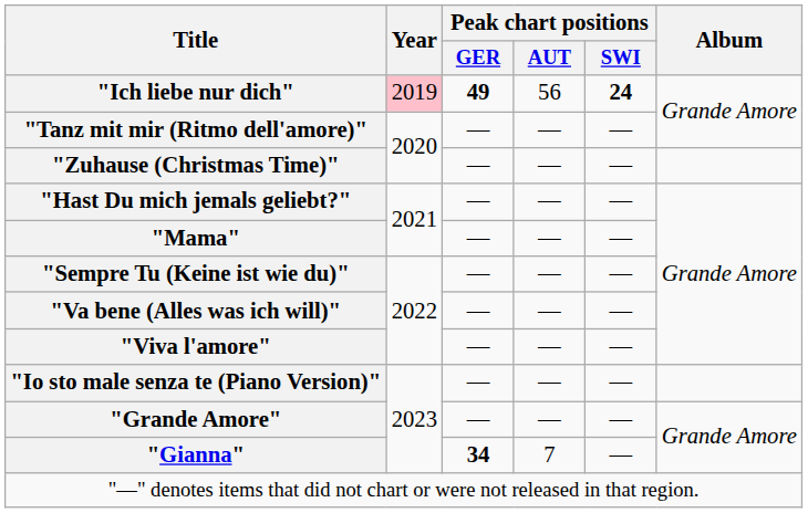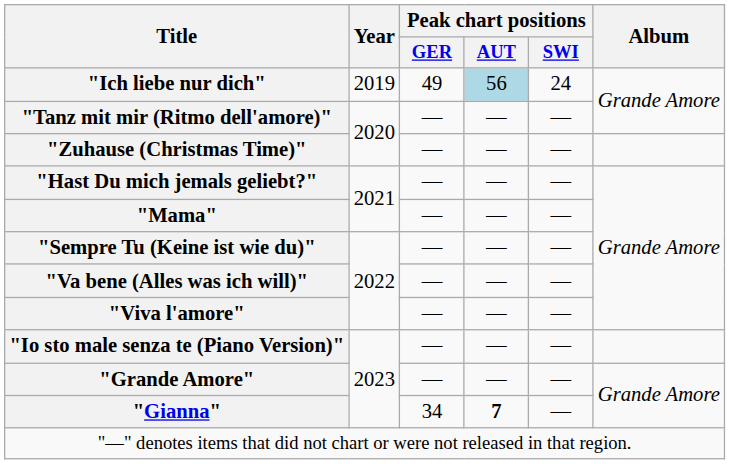 <table class="wikitable plainrowheaders" style="text-align:center;">
 <tr>
 <th scope="col" rowspan="2">Title</th>
 <th scope="col" rowspan="2">Year</th>
 <th scope="col" colspan="3">Peak chart positions</th>
 <th scope="col" rowspan="2">Album</th>
 </tr>
 <tr>
 <th scope="col" style="width:3em;font-size:90%;"><a href='#'>GER</a><br></th>
 <th scope="col" style="width:3em;font-size:90%;"><a href='#'>AUT</a><br></th>
 <th scope="col" style="width:3em;font-size:90%;"><a href='#'>SWI</a><br></th>
 </tr>
 <tr>
 <th scope="row">"Ich liebe nur dich"<br></th>
-<td style="background: pink;">2019</td>
-<td><strong>49</strong></td>
-<td>56</td>
-<td><strong>24</strong></td>
+<td>2019</td>
+<td>49</td>
+<td style="background: lightblue;">56</td>
+<td>24</td>
 <td rowspan="2"><em>Grande Amore</em></td>
 </tr>
 <tr>
 <th scope="row">"Tanz mit mir (Ritmo dell'amore)"</th>
 <td rowspan="2">2020</td>
 <td>—</td>
 <td>—</td>
 <td>—</td>
 </tr>
 <tr>
 <th scope="row">"Zuhause (Christmas Time)"</th>
 <td>—</td>
 <td>—</td>
 <td>—</td>
 <td></td>
 </tr>
 <tr>
 <th scope="row">"Hast Du mich jemals geliebt?"<br></th>
 <td rowspan="2">2021</td>
 <td>—</td>
 <td>—</td>
 <td>—</td>
 <td rowspan="5"><em>Grande Amore</em></td>
 </tr>
 <tr>
 <th scope="row">"Mama"<br></th>
 <td>—</td>
 <td>—</td>
 <td>—</td>
 </tr>
 <tr>
 <th scope="row">"Sempre Tu (Keine ist wie du)"</th>
 <td rowspan="3">2022</td>
 <td>—</td>
 <td>—</td>
 <td>—</td>
 </tr>
 <tr>
 <th scope="row">"Va bene (Alles was ich will)"</th>
 <td>—</td>
 <td>—</td>
 <td>—</td>
 </tr>
 <tr>
 <th scope="row">"Viva l'amore"</th>
 <td>—</td>
 <td>—</td>
 <td>—</td>
 </tr>
 <tr>
 <th scope="row">"Io sto male senza te (Piano Version)"<br></th>
 <td rowspan="3">2023</td>
 <td>—</td>
 <td>—</td>
 <td>—</td>
 <td></td>
 </tr>
 <tr>
 <th scope="row">"Grande Amore"<br></th>
 <td>—</td>
 <td>—</td>
 <td>—</td>
 <td rowspan="2"><em>Grande Amore</em></td>
 </tr>
 <tr>
 <th scope="row">"<a href='#'>Gianna</a>"</th>
-<td><strong>34</strong></td>
-<td>7<br></td>
+<td>34</td>
+<td><strong>7<br></strong></td>
 <td>—</td>
 </tr>
 <tr>
 <td colspan="8" style="font-size:90%;">"—" denotes items that did not chart or were not released in that region.</td>
 </tr>
 </table>
